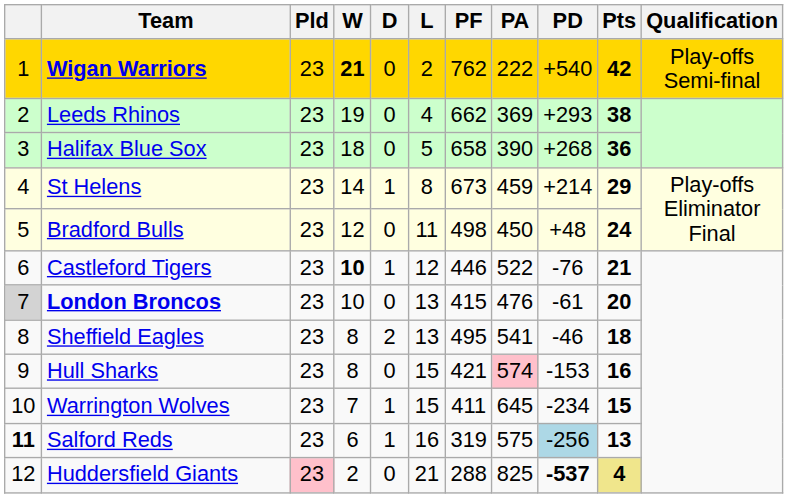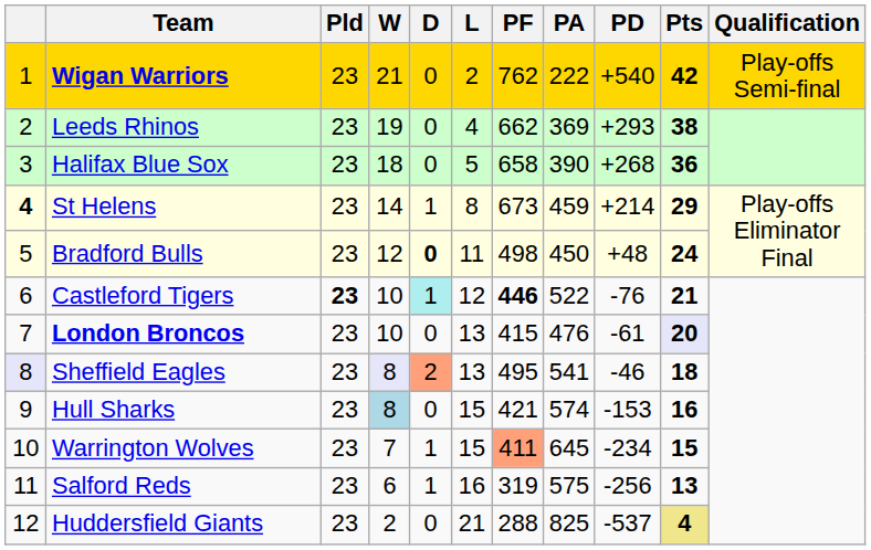 <table class="wikitable" style="text-align:center;">
 <tr>
 <th style="width:20px;" abbr="Position"></th>
 <th width=175>Team</th>
 <th style="width:20px;" abbr="Played">Pld</th>
 <th style="width:20px;" abbr="Won">W</th>
 <th style="width:20px;" abbr="Drawn">D</th>
 <th style="width:20px;" abbr="Lost">L</th>
 <th style="width:20px;" abbr="Points for">PF</th>
 <th style="width:20px;" abbr="Points against">PA</th>
 <th style="width:20px;" abbr="Points difference">PD</th>
 <th style="width:20px;" abbr="Points">Pts</th>
 <th style="width:20px;" abbr="Qualification">Qualification</th>
 </tr>
 <tr style="background:gold">
 <td>1</td>
 <td style="text-align:left;"> <strong><a href='#'>Wigan Warriors</a></strong></td>
 <td>23</td>
-<td><strong>21</strong></td>
+<td>21</td>
 <td>0</td>
 <td>2</td>
 <td>762</td>
 <td>222</td>
 <td>+540</td>
 <td><strong>42</strong></td>
 <td>Play-offs Semi-final</td>
 </tr>
 <tr style="background:#cfc;">
 <td>2</td>
 <td style="text-align:left"> <a href='#'>Leeds Rhinos</a></td>
 <td>23</td>
 <td>19</td>
 <td>0</td>
 <td>4</td>
 <td>662</td>
 <td>369</td>
 <td>+293</td>
 <td><strong>38</strong></td>
 <td rowspan=2></td>
 </tr>
 <tr style="background:#cfc;">
 <td>3</td>
 <td style="text-align:left"> <a href='#'>Halifax Blue Sox</a></td>
 <td>23</td>
 <td>18</td>
 <td>0</td>
 <td>5</td>
 <td>658</td>
 <td>390</td>
 <td>+268</td>
 <td><strong>36</strong></td>
 </tr>
 <tr style="background:lightyellow">
-<td>4</td>
+<td><strong>4</strong></td>
 <td style="text-align:left;"> <a href='#'>St Helens</a></td>
 <td>23</td>
 <td>14</td>
 <td>1</td>
 <td>8</td>
 <td>673</td>
 <td>459</td>
 <td>+214</td>
 <td><strong>29</strong></td>
 <td rowspan=2>Play-offs Eliminator Final</td>
 </tr>
 <tr style="background:lightyellow">
 <td>5</td>
 <td style="text-align:left;"> <a href='#'>Bradford Bulls</a></td>
 <td>23</td>
 <td>12</td>
-<td>0</td>
+<td><strong>0</strong></td>
 <td>11</td>
 <td>498</td>
 <td>450</td>
 <td>+48</td>
 <td><strong>24</strong></td>
 </tr>
 <tr>
 <td>6</td>
 <td style="text-align:left;"> <a href='#'>Castleford Tigers</a></td>
-<td>23</td>
-<td><strong>10</strong></td>
-<td>1</td>
+<td><strong>23</strong></td>
+<td>10</td>
+<td style="background: paleturquoise;">1</td>
 <td>12</td>
-<td>446</td>
+<td><strong>446</strong></td>
 <td>522</td>
 <td>-76</td>
 <td><strong>21</strong></td>
 <td rowspan=7></td>
 </tr>
 <tr>
-<td style="background: lightgrey;">7</td>
+<td>7</td>
 <td style="text-align:left;"> <strong><a href='#'>London Broncos</a></strong></td>
 <td>23</td>
 <td>10</td>
 <td>0</td>
 <td>13</td>
 <td>415</td>
 <td>476</td>
 <td>-61</td>
-<td><strong>20</strong></td>
+<td style="background: lavender;"><strong>20</strong></td>
 </tr>
 <tr>
-<td>8</td>
+<td style="background: lavender;">8</td>
 <td style="text-align:left;"> <a href='#'>Sheffield Eagles</a></td>
 <td>23</td>
-<td>8</td>
-<td>2</td>
+<td style="background: lavender;">8</td>
+<td style="background: lightsalmon;">2</td>
 <td>13</td>
 <td>495</td>
 <td>541</td>
 <td>-46</td>
 <td><strong>18</strong></td>
 </tr>
 <tr>
 <td>9</td>
 <td style="text-align:left;"> <a href='#'>Hull Sharks</a></td>
 <td>23</td>
-<td>8</td>
+<td style="background: lightblue;">8</td>
 <td>0</td>
 <td>15</td>
 <td>421</td>
-<td style="background: pink;">574</td>
+<td>574</td>
 <td>-153</td>
 <td><strong>16</strong></td>
 </tr>
 <tr>
 <td>10</td>
 <td style="text-align:left;"> <a href='#'>Warrington Wolves</a></td>
 <td>23</td>
 <td>7</td>
 <td>1</td>
 <td>15</td>
-<td>411</td>
+<td style="background: lightsalmon;">411</td>
 <td>645</td>
 <td>-234</td>
 <td><strong>15</strong></td>
 </tr>
 <tr>
-<td><strong>11</strong></td>
+<td>11</td>
 <td style="text-align:left;"> <a href='#'>Salford Reds</a></td>
 <td>23</td>
 <td>6</td>
 <td>1</td>
 <td>16</td>
 <td>319</td>
 <td>575</td>
-<td style="background: lightblue;">-256</td>
+<td>-256</td>
 <td><strong>13</strong></td>
 </tr>
 <tr>
 <td>12</td>
 <td style="text-align:left;"> <a href='#'>Huddersfield Giants</a></td>
-<td style="background: pink;">23</td>
+<td>23</td>
 <td>2</td>
 <td>0</td>
 <td>21</td>
 <td>288</td>
 <td>825</td>
-<td><strong>-537</strong></td>
+<td>-537</td>
 <td style="background: khaki;"><strong>4</strong></td>
 </tr>
 </table>
